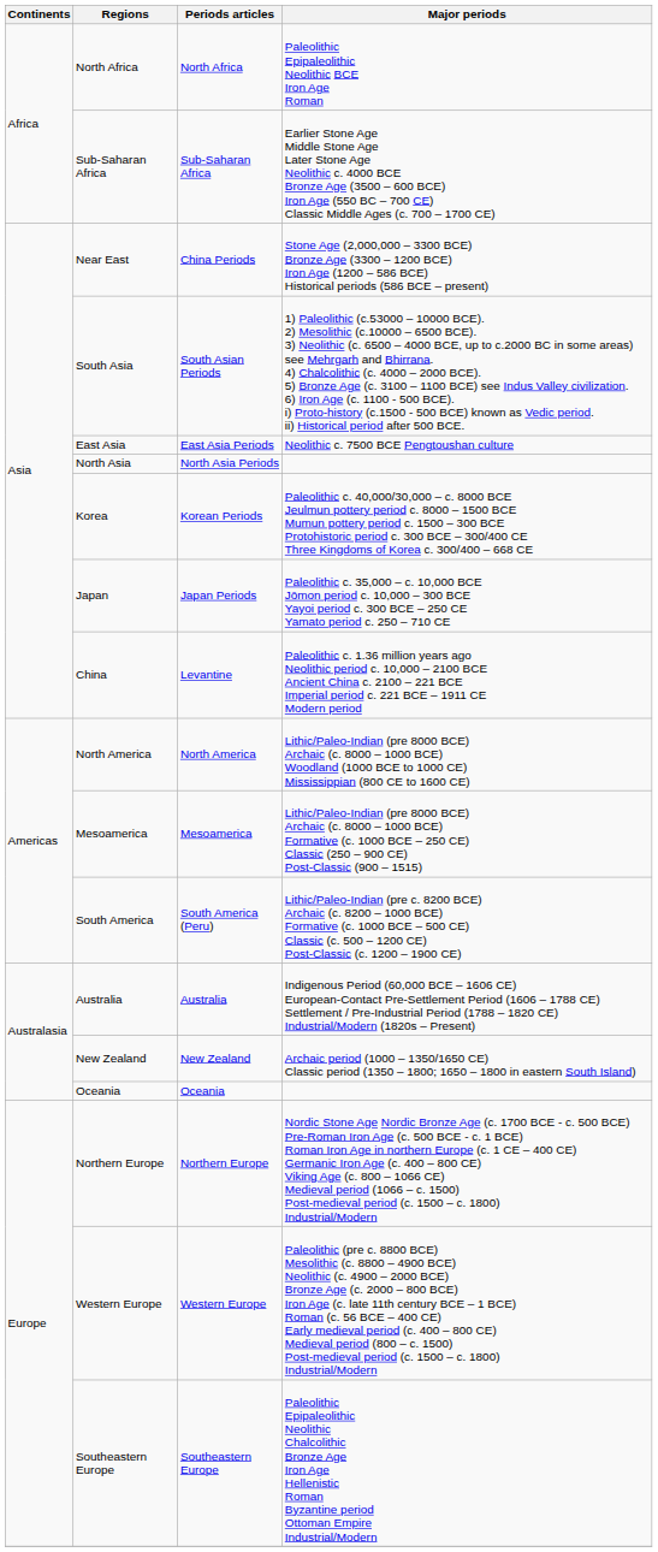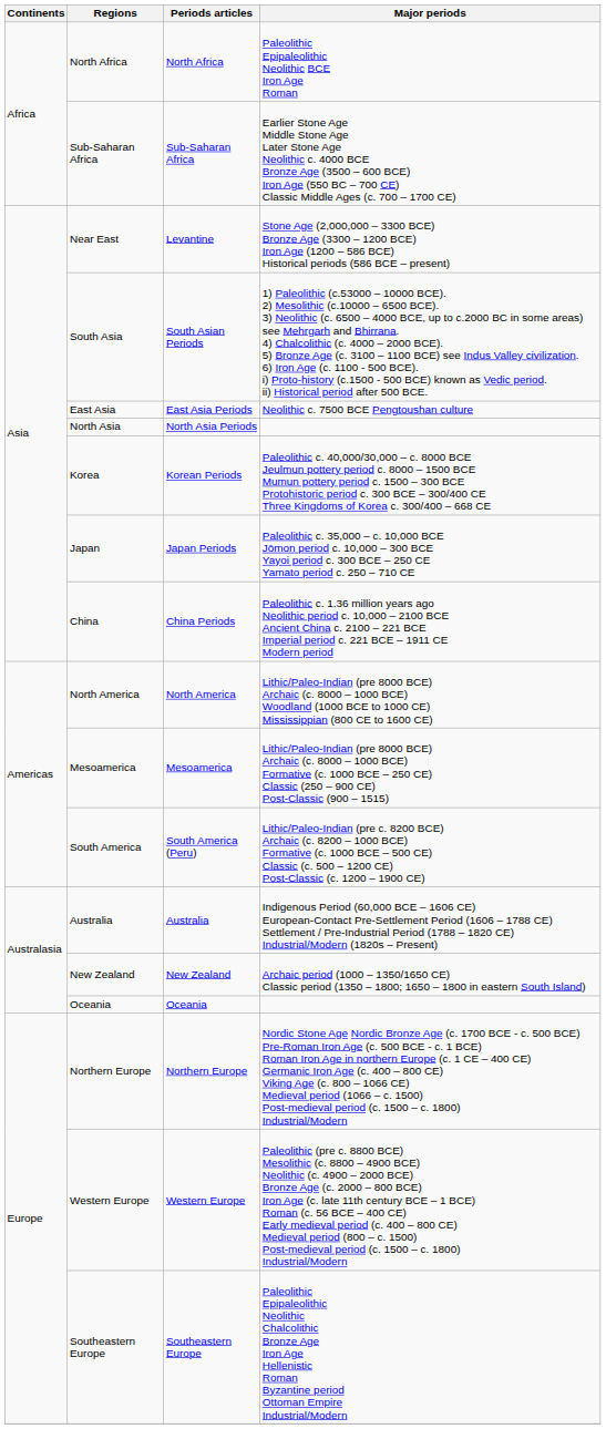 <table class="wikitable">
 <tr>
 <th>Continents</th>
 <th>Regions</th>
 <th>Periods articles</th>
 <th>Major periods</th>
 </tr>
 <tr>
 <td rowspan=2>Africa</td>
 <td rowspan=1>North Africa</td>
 <td><a href='#'>North Africa</a></td>
 <td><br><a href='#'>Paleolithic</a><br> <a href='#'>Epipaleolithic</a><br> <a href='#'>Neolithic</a>  <a href='#'>BCE</a><br> <a href='#'>Iron Age</a><br> <a href='#'>Roman</a></td>
 </tr>
 <tr>
 <td rowspan=1>Sub-Saharan Africa</td>
 <td><a href='#'>Sub-Saharan Africa</a></td>
 <td><br>Earlier Stone Age<br> Middle Stone Age<br> Later Stone Age<br> <a href='#'>Neolithic</a> c. 4000 BCE<br> <a href='#'>Bronze Age</a> (3500 – 600 BCE)<br> <a href='#'>Iron Age</a> (550 BC – 700 <a href='#'>CE</a>)<br> Classic Middle Ages (c. 700 – 1700 CE)<br></td>
 </tr>
 <tr>
 <td rowspan=7>Asia</td>
 <td rowspan=1>Near East</td>
-<td><a href='#'>China Periods</a></td>
+<td><a href='#'>Levantine</a></td>
 <td><br><a href='#'>Stone Age</a> (2,000,000 – 3300 BCE)<br> <a href='#'>Bronze Age</a> (3300 – 1200 BCE)<br> <a href='#'>Iron Age</a> (1200 – 586 BCE)<br> Historical periods (586 BCE – present)</td>
 </tr>
 <tr>
 <td rowspan=1>South Asia</td>
 <td><a href='#'>South Asian Periods</a></td>
 <td><br>1) <a href='#'>Paleolithic</a> (c.53000  – 10000 BCE).<br> 2) <a href='#'>Mesolithic</a> (c.10000 – 6500 BCE).<br> 3) <a href='#'>Neolithic</a> (c. 6500 – 4000 BCE, up to c.2000 BC in some areas) see <a href='#'>Mehrgarh</a> and <a href='#'>Bhirrana</a>.<br> 4) <a href='#'>Chalcolithic</a> (c. 4000 – 2000 BCE).<br> 5) <a href='#'>Bronze Age</a> (c. 3100 – 1100 BCE) see <a href='#'>Indus Valley civilization</a>. <br> 6) <a href='#'>Iron Age</a> (c. 1100 - 500 BCE).<br> i) <a href='#'>Proto-history</a> (c.1500 - 500 BCE) known as <a href='#'>Vedic period</a>. <br> ii) <a href='#'>Historical period</a> after 500 BCE.</td>
 </tr>
 <tr>
 <td rowspan=1>East Asia</td>
 <td><a href='#'>East Asia Periods</a></td>
 <td><a href='#'>Neolithic</a> c. 7500 BCE <a href='#'>Pengtoushan culture</a></td>
 </tr>
 <tr>
 <td rowspan=1>North Asia</td>
 <td><a href='#'>North Asia Periods</a></td>
 <td></td>
 </tr>
 <tr>
 <td rowspan=1>Korea</td>
 <td><a href='#'>Korean Periods</a></td>
 <td><br><a href='#'>Paleolithic</a> c. 40,000/30,000 – c. 8000 BCE<br> <a href='#'>Jeulmun pottery period</a> c. 8000 – 1500 BCE<br> <a href='#'>Mumun pottery period</a> c. 1500 – 300 BCE<br> <a href='#'>Protohistoric period</a> c. 300 BCE – 300/400 CE<br> <a href='#'>Three Kingdoms of Korea</a> c. 300/400 – 668 CE <br></td>
 </tr>
 <tr>
 <td rowspan=1>Japan</td>
 <td><a href='#'>Japan Periods</a></td>
 <td><br><a href='#'>Paleolithic</a> c. 35,000 – c. 10,000 BCE<br> <a href='#'>Jōmon period</a> c. 10,000 – 300 BCE<br> <a href='#'>Yayoi period</a> c. 300 BCE – 250 CE<br> <a href='#'>Yamato period</a> c. 250 – 710 CE</td>
 </tr>
 <tr>
 <td rowspan=1>China</td>
-<td><a href='#'>Levantine</a></td>
+<td><a href='#'>China Periods</a></td>
 <td><br><a href='#'>Paleolithic</a> c. 1.36 million years ago<br> <a href='#'>Neolithic period</a> c. 10,000 – 2100 BCE<br> <a href='#'>Ancient China</a> c. 2100 – 221 BCE<br> <a href='#'>Imperial period</a> c. 221 BCE – 1911 CE<br> <a href='#'>Modern period</a></td>
 </tr>
 <tr>
 <td rowspan=3>Americas</td>
 <td rowspan=1>North America</td>
 <td><a href='#'>North America</a></td>
 <td><br><a href='#'>Lithic/Paleo-Indian</a> (pre 8000 BCE)<br> <a href='#'>Archaic</a> (c. 8000 – 1000 BCE)<br> <a href='#'>Woodland</a> (1000 BCE to 1000 CE)<br> <a href='#'>Mississippian</a> (800 CE to 1600 CE)</td>
 </tr>
 <tr>
 <td rowspan=1>Mesoamerica</td>
 <td><a href='#'>Mesoamerica</a></td>
 <td><br><a href='#'>Lithic/Paleo-Indian</a> (pre 8000 BCE)<br> <a href='#'>Archaic</a> (c. 8000 – 1000 BCE)<br> <a href='#'>Formative</a> (c. 1000 BCE – 250 CE)<br> <a href='#'>Classic</a> (250 – 900 CE)<br> <a href='#'>Post-Classic</a> (900 – 1515)</td>
 </tr>
 <tr>
 <td rowspan=1>South America</td>
 <td><a href='#'>South America</a> <br> (<a href='#'>Peru</a>)</td>
 <td><br><a href='#'>Lithic/Paleo-Indian</a> (pre c. 8200 BCE) <br> <a href='#'>Archaic</a> (c. 8200 – 1000 BCE) <br> <a href='#'>Formative</a> (c. 1000 BCE – 500 CE) <br> <a href='#'>Classic</a> (c. 500 – 1200 CE) <br> <a href='#'>Post-Classic</a> (c. 1200 – 1900 CE)</td>
 </tr>
 <tr>
 <td rowspan=3>Australasia</td>
 <td rowspan=1>Australia</td>
 <td><a href='#'>Australia</a></td>
 <td><br>Indigenous Period (60,000 BCE – 1606 CE)<br> European-Contact Pre-Settlement Period (1606 – 1788 CE)<br> Settlement / Pre-Industrial Period (1788 – 1820 CE)<br> <a href='#'>Industrial/Modern</a> (1820s – Present)<br></td>
 </tr>
 <tr>
 <td rowspan=1>New Zealand</td>
 <td><a href='#'>New Zealand</a></td>
 <td><br><a href='#'>Archaic period</a> (1000 – 1350/1650 CE) <br> Classic period (1350 – 1800; 1650 – 1800 in eastern <a href='#'>South Island</a>)</td>
 </tr>
 <tr>
 <td rowspan=1>Oceania</td>
 <td><a href='#'>Oceania</a></td>
 <td></td>
 </tr>
 <tr>
 <td rowspan=3>Europe</td>
 <td rowspan=1>Northern Europe</td>
 <td><a href='#'>Northern Europe</a></td>
 <td><br><a href='#'>Nordic Stone Age</a> <a href='#'>Nordic Bronze Age</a> (c. 1700 BCE - c. 500 BCE) <br> <a href='#'>Pre-Roman Iron Age</a> (c. 500 BCE - c. 1 BCE) <br> <a href='#'>Roman Iron Age in northern Europe</a> (c. 1 CE – 400 CE) <br> <a href='#'>Germanic Iron Age</a> (c. 400 – 800 CE) <br> <a href='#'>Viking Age</a> (c. 800 – 1066 CE) <br> <a href='#'>Medieval period</a> (1066 – c. 1500) <br> <a href='#'>Post-medieval period</a> (c. 1500 – c. 1800) <br> <a href='#'>Industrial/Modern</a></td>
 </tr>
 <tr>
 <td rowspan=1>Western Europe</td>
 <td><a href='#'>Western Europe</a></td>
 <td><br><a href='#'>Paleolithic</a> (pre c. 8800 BCE) <br> <a href='#'>Mesolithic</a> (c. 8800 – 4900 BCE) <br> <a href='#'>Neolithic</a> (c. 4900 – 2000 BCE) <br> <a href='#'>Bronze Age</a> (c. 2000 – 800 BCE) <br> <a href='#'>Iron Age</a> (c. late 11th century BCE – 1 BCE) <br> <a href='#'>Roman</a> (c. 56 BCE – 400 CE) <br> <a href='#'>Early medieval period</a> (c. 400 – 800 CE) <br> <a href='#'>Medieval period</a> (800 – c. 1500) <br> <a href='#'>Post-medieval period</a> (c. 1500 – c. 1800) <br> <a href='#'>Industrial/Modern</a></td>
 </tr>
 <tr>
 <td rowspan=1>Southeastern Europe</td>
 <td><a href='#'>Southeastern Europe</a></td>
 <td><br><a href='#'>Paleolithic</a> <br> <a href='#'>Epipaleolithic</a> <br> <a href='#'>Neolithic</a> <br> <a href='#'>Chalcolithic</a> <br> <a href='#'>Bronze Age</a> <br> <a href='#'>Iron Age</a> <br> <a href='#'>Hellenistic</a> <br> <a href='#'>Roman</a> <br> <a href='#'>Byzantine period</a> <br> <a href='#'>Ottoman Empire</a> <br> <a href='#'>Industrial/Modern</a></td>
 </tr>
 <tr>
 </tr>
 </table>
